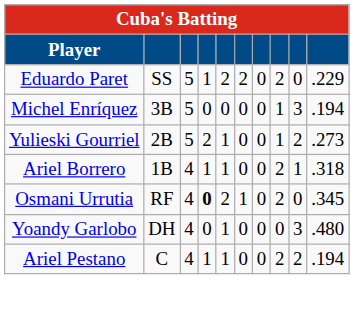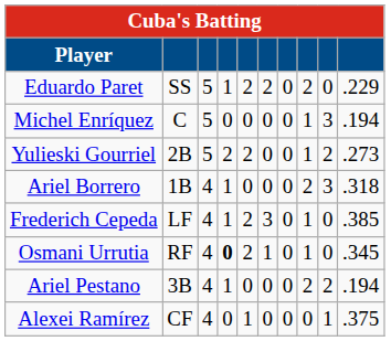 <table class="wikitable sortable" style="text-align:center;">
 <tr>
 <th colspan=10 style="background: #DA291C; color: #FFFFFF;"> Cuba's Batting</th>
 </tr>
 <tr>
 <th style="background-color: #004B87; color: #FFFFFF;">Player</th>
 <th style="background-color: #004B87; color: #FFFFFF;"><a href='#'></a></th>
 <th style="background-color: #004B87; color: #FFFFFF;"></th>
 <th style="background-color: #004B87; color: #FFFFFF;"></th>
 <th style="background-color: #004B87; color: #FFFFFF;"></th>
 <th style="background-color: #004B87; color: #FFFFFF;"></th>
 <th style="background-color: #004B87; color: #FFFFFF;"></th>
 <th style="background-color: #004B87; color: #FFFFFF;"></th>
 <th style="background-color: #004B87; color: #FFFFFF;"></th>
 <th style="background-color: #004B87; color: #FFFFFF;"></th>
 </tr>
 <tr>
 <td><a href='#'>Eduardo Paret</a></td>
 <td>SS</td>
 <td>5</td>
 <td>1</td>
 <td>2</td>
 <td>2</td>
 <td>0</td>
 <td>2</td>
 <td>0</td>
 <td>.229</td>
 </tr>
 <tr>
 <td><a href='#'>Michel Enríquez</a></td>
-<td>3B</td>
+<td>C</td>
 <td>5</td>
 <td>0</td>
 <td>0</td>
 <td>0</td>
 <td>0</td>
 <td>1</td>
 <td>3</td>
 <td>.194</td>
 </tr>
 <tr>
 <td><a href='#'>Yulieski Gourriel</a></td>
 <td>2B</td>
 <td>5</td>
 <td>2</td>
-<td>1</td>
+<td>2</td>
 <td>0</td>
 <td>0</td>
 <td>1</td>
 <td>2</td>
 <td>.273</td>
 </tr>
 <tr>
 <td><a href='#'>Ariel Borrero</a></td>
 <td>1B</td>
 <td>4</td>
 <td>1</td>
-<td>1</td>
+<td>0</td>
 <td>0</td>
 <td>0</td>
 <td>2</td>
+<td>3</td>
+<td>.318</td>
+</tr>
+<tr>
+<td><a href='#'>Frederich Cepeda</a></td>
+<td>LF</td>
+<td>4</td>
 <td>1</td>
-<td>.318</td>
+<td>2</td>
+<td>3</td>
+<td>0</td>
+<td>1</td>
+<td>0</td>
+<td>.385</td>
 </tr>
 <tr>
 <td><a href='#'>Osmani Urrutia</a></td>
 <td>RF</td>
 <td>4</td>
 <td><strong>0</strong></td>
 <td>2</td>
 <td>1</td>
 <td>0</td>
-<td>2</td>
+<td>1</td>
 <td>0</td>
 <td>.345</td>
 </tr>
 <tr>
-<td><a href='#'>Yoandy Garlobo</a></td>
-<td>DH</td>
+<td><a href='#'>Ariel Pestano</a></td>
+<td>3B</td>
+<td>4</td>
+<td>1</td>
+<td>0</td>
+<td>0</td>
+<td>0</td>
+<td>2</td>
+<td>2</td>
+<td>.194</td>
+</tr>
+<tr>
+<td><a href='#'>Alexei Ramírez</a></td>
+<td>CF</td>
 <td>4</td>
 <td>0</td>
 <td>1</td>
 <td>0</td>
 <td>0</td>
 <td>0</td>
-<td>3</td>
-<td>.480</td>
-</tr>
-<tr>
-<td><a href='#'>Ariel Pestano</a></td>
-<td>C</td>
-<td>4</td>
 <td>1</td>
-<td>1</td>
-<td>0</td>
-<td>0</td>
-<td>2</td>
-<td>2</td>
-<td>.194</td>
+<td>.375</td>
 </tr>
 </table>
